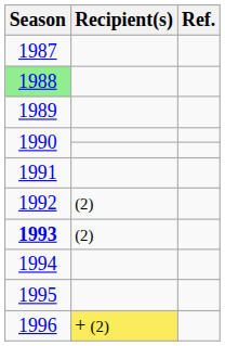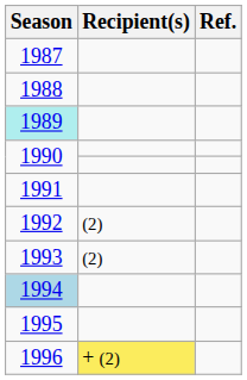 <table class="wikitable sortable" style="text-align:center">
 <tr>
 <th>Season</th>
 <th>Recipient(s)</th>
 <th class=unsortable>Ref.</th>
 </tr>
 <tr>
 <td><a href='#'>1987</a></td>
 <td align=left></td>
 <td></td>
 </tr>
 <tr>
-<td style="background: lightgreen;"><a href='#'>1988</a></td>
+<td><a href='#'>1988</a></td>
 <td align=left></td>
 <td></td>
 </tr>
 <tr>
-<td><a href='#'>1989</a></td>
+<td style="background: paleturquoise;"><a href='#'>1989</a></td>
 <td align=left></td>
 <td></td>
 </tr>
 <tr>
 <td rowspan=2><a href='#'>1990</a></td>
 <td align=left></td>
 <td></td>
 </tr>
 <tr>
 <td align=left></td>
 <td></td>
 </tr>
 <tr>
 <td><a href='#'>1991</a></td>
 <td align=left></td>
 <td></td>
 </tr>
 <tr>
 <td><a href='#'>1992</a></td>
 <td align=left> <small>(2)</small></td>
 <td></td>
 </tr>
 <tr>
-<td><strong><a href='#'>1993</a></strong></td>
+<td><a href='#'>1993</a></td>
 <td align=left> <small>(2)</small></td>
 <td></td>
 </tr>
 <tr>
-<td><a href='#'>1994</a></td>
+<td style="background: lightblue;"><a href='#'>1994</a></td>
 <td align=left></td>
 <td></td>
 </tr>
 <tr>
 <td><a href='#'>1995</a></td>
 <td align=left></td>
 <td></td>
 </tr>
 <tr>
 <td><a href='#'>1996</a></td>
 <td style="text-align:left; background:#fbec5d;">+ <small>(2)</small></td>
 <td></td>
 </tr>
 </table>
